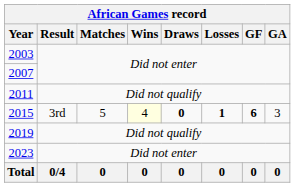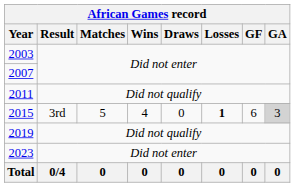 <table class="wikitable" style="text-align: center;">
 <tr>
 <th colspan=8><a href='#'>African Games</a> record</th>
 </tr>
 <tr>
 <th>Year</th>
 <th>Result</th>
 <th>Matches</th>
 <th>Wins</th>
 <th>Draws</th>
 <th>Losses</th>
 <th>GF</th>
 <th>GA</th>
 </tr>
 <tr>
 <td> <a href='#'>2003</a></td>
 <td rowspan=2 colspan=8><em>Did not enter</em></td>
 </tr>
 <tr>
 <td> <a href='#'>2007</a></td>
 </tr>
 <tr>
 <td> <a href='#'>2011</a></td>
 <td colspan=8><em>Did not qualify</em></td>
 </tr>
 <tr>
 <td> <a href='#'>2015</a></td>
 <td>3rd</td>
 <td>5</td>
-<td style="background: lightyellow;">4</td>
-<td><strong>0</strong></td>
+<td>4</td>
+<td>0</td>
 <td><strong>1</strong></td>
-<td><strong>6</strong></td>
-<td>3</td>
+<td>6</td>
+<td style="background: lightgrey;">3</td>
 </tr>
 <tr>
 <td> <a href='#'>2019</a></td>
 <td colspan=8><em>Did not qualify</em></td>
 </tr>
 <tr>
 <td> <a href='#'>2023</a></td>
 <td colspan=8><em>Did not enter</em></td>
 </tr>
 <tr>
 <th>Total</th>
 <th>0/4</th>
 <th>0</th>
 <th>0</th>
 <th>0</th>
 <th>0</th>
 <th>0</th>
 <th>0</th>
 </tr>
 </table>
